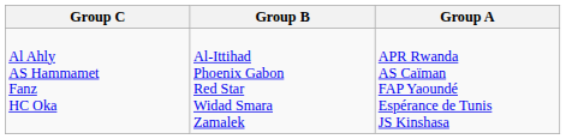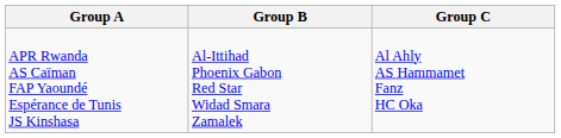 <table class="wikitable">
 <tr>
+<th width=195px>Group A</th>
+<th width=195px>Group B</th>
 <th width=195px>Group C</th>
-<th width=195px>Group B</th>
-<th width=195px>Group A</th>
 </tr>
 <tr>
+<td valign=top><br> <a href='#'>APR Rwanda</a><br>  <a href='#'>AS Caïman</a><br>  <a href='#'>FAP Yaoundé</a><br>  <a href='#'>Espérance de Tunis</a><br>  <a href='#'>JS Kinshasa</a></td>
+<td valign=top><br> <a href='#'>Al-Ittihad</a><br>  <a href='#'>Phoenix Gabon</a><br>  <a href='#'>Red Star</a><br>  <a href='#'>Widad Smara</a><br>  <a href='#'>Zamalek</a></td>
 <td valign=top><br> <a href='#'>Al Ahly</a><br>  <a href='#'>AS Hammamet</a><br>  <a href='#'>Fanz</a><br>  <a href='#'>HC Oka</a></td>
-<td valign=top><br> <a href='#'>Al-Ittihad</a><br>  <a href='#'>Phoenix Gabon</a><br>  <a href='#'>Red Star</a><br>  <a href='#'>Widad Smara</a><br>  <a href='#'>Zamalek</a></td>
-<td valign=top><br> <a href='#'>APR Rwanda</a><br>  <a href='#'>AS Caïman</a><br>  <a href='#'>FAP Yaoundé</a><br>  <a href='#'>Espérance de Tunis</a><br>  <a href='#'>JS Kinshasa</a></td>
 </tr>
 </table>
